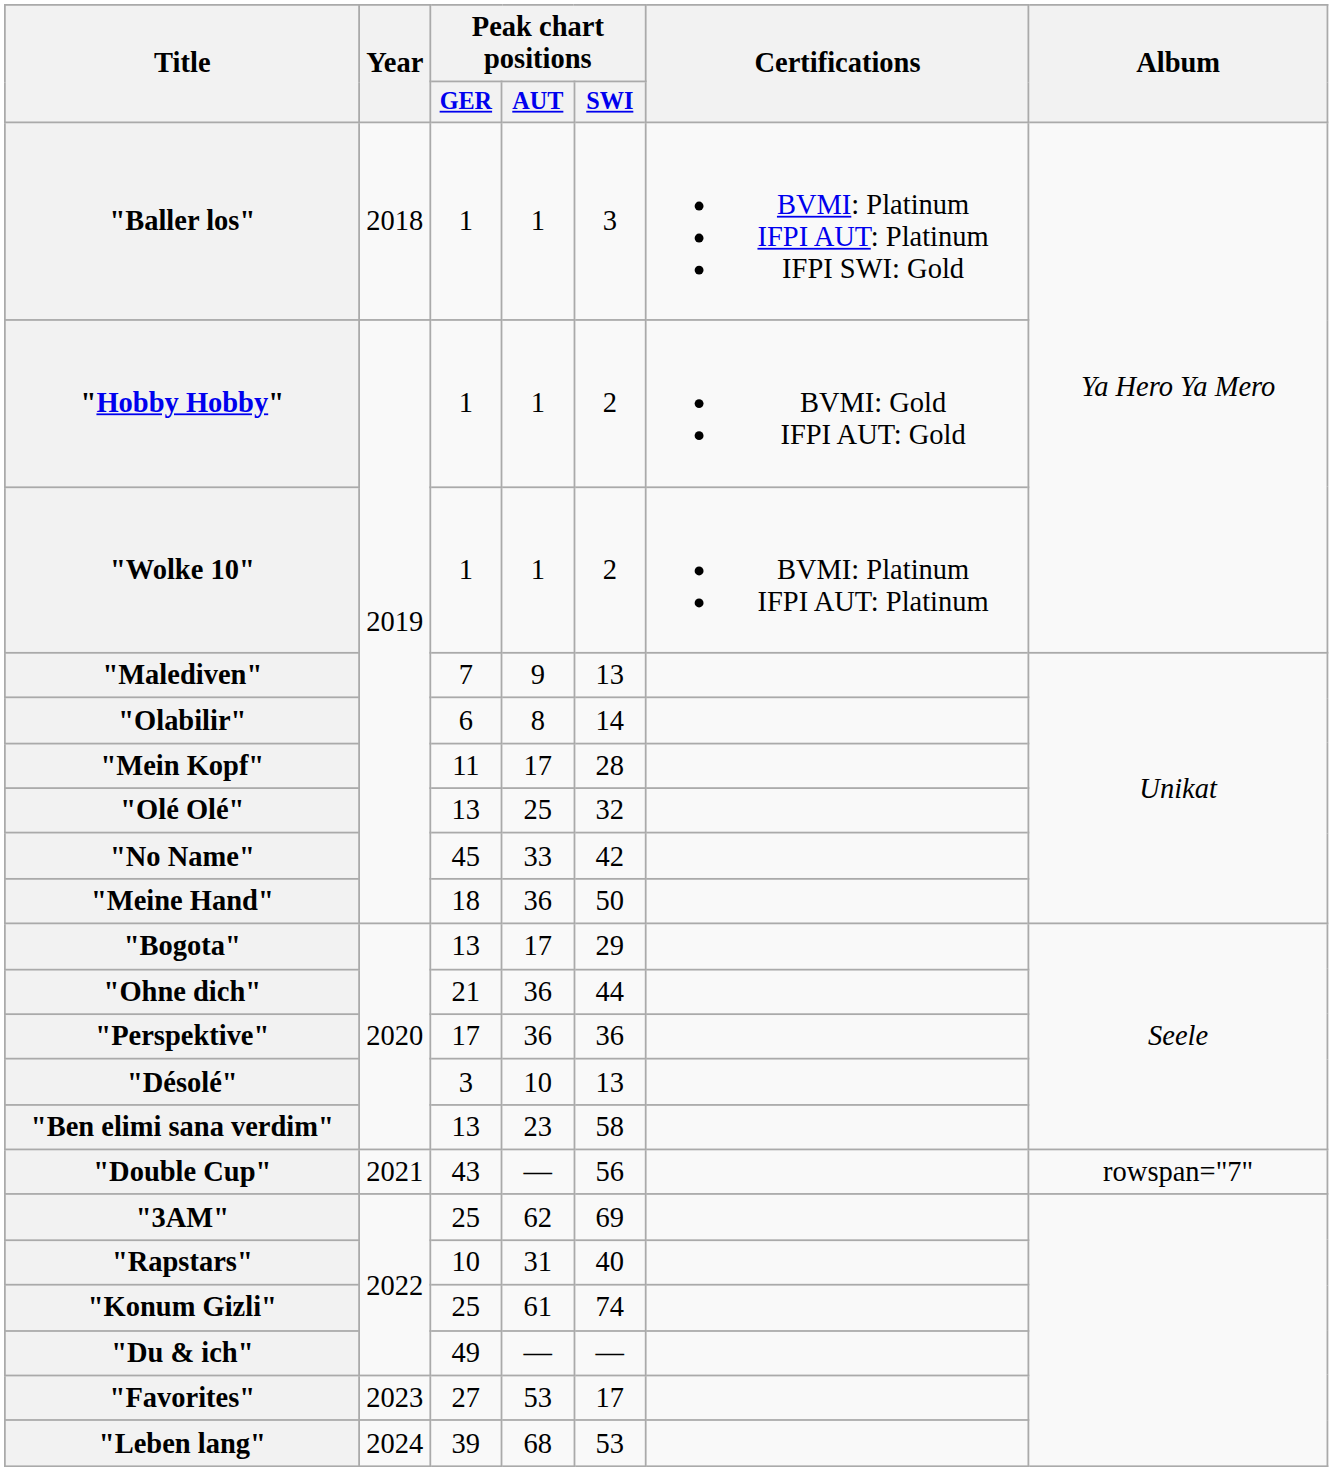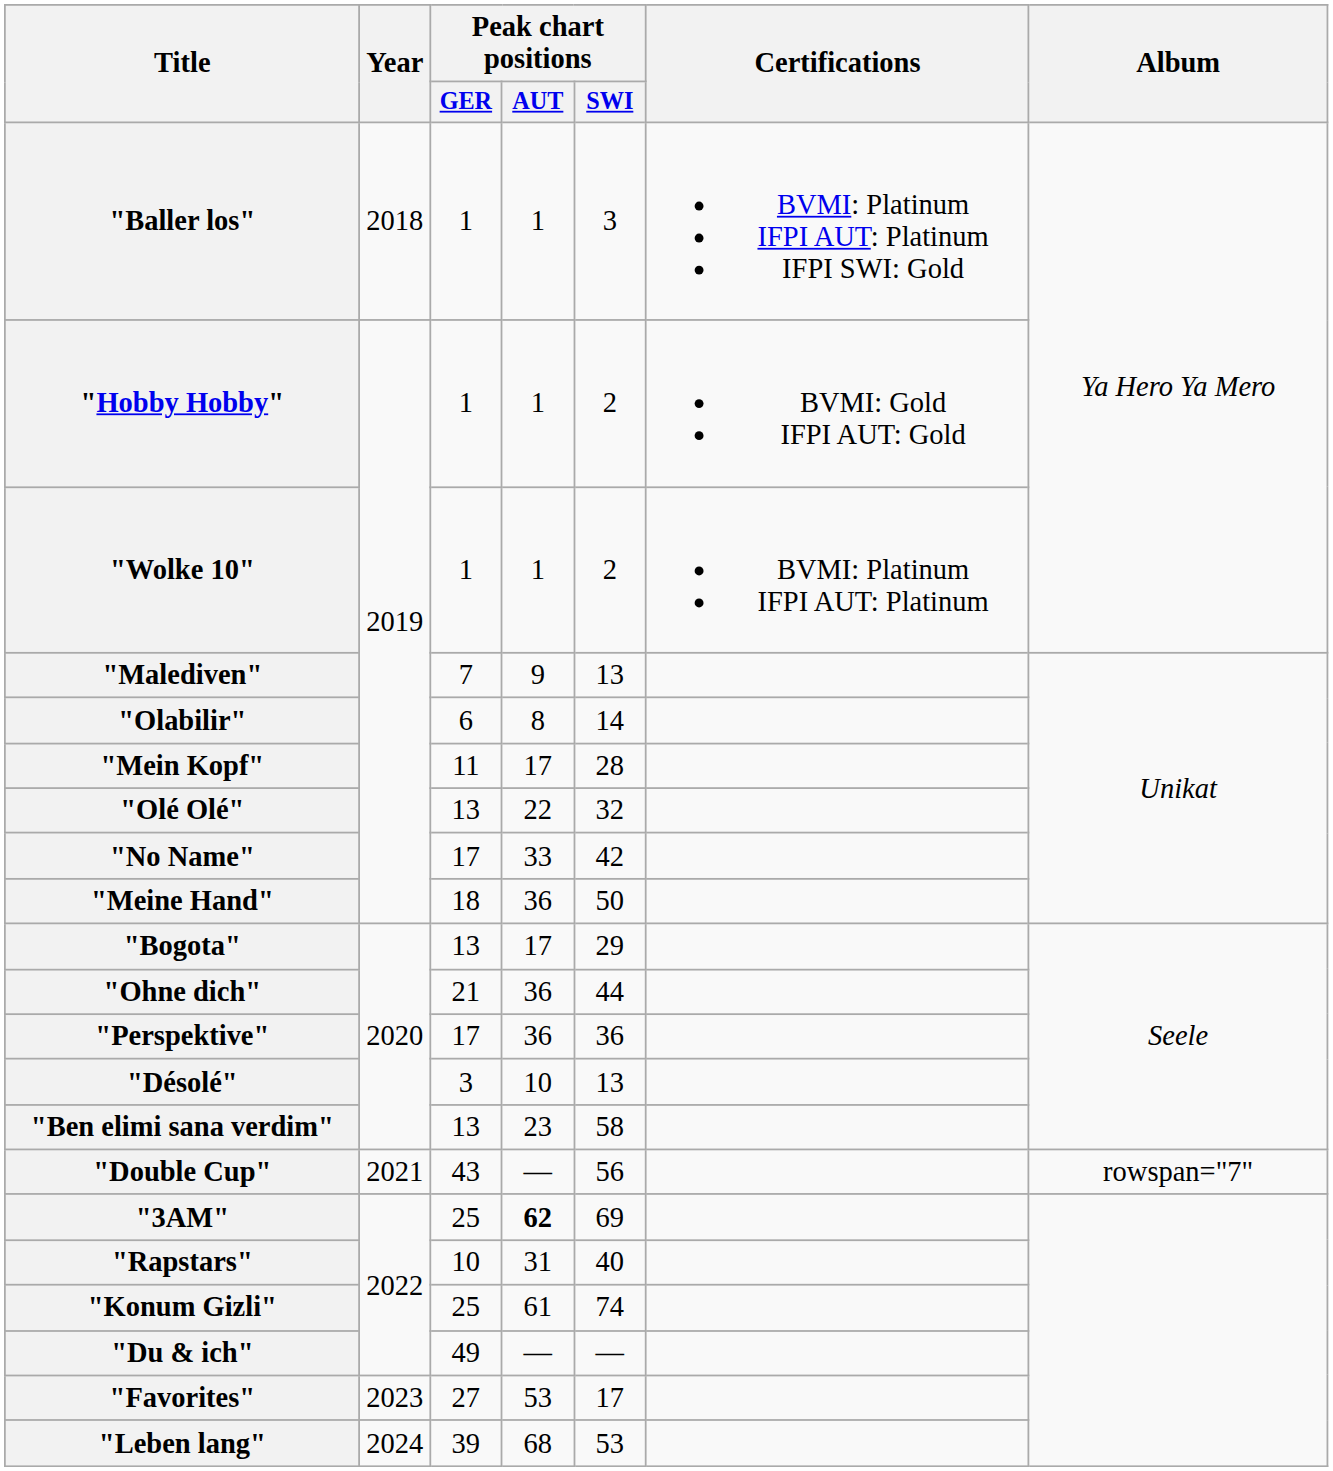 <table class="wikitable plainrowheaders" style="text-align:center;">
 <tr>
 <th scope="col" rowspan="2" style="width:12em;">Title</th>
 <th scope="col" rowspan="2" style="width:1em;">Year</th>
 <th scope="col" colspan="3">Peak chart positions</th>
 <th scope="col" rowspan="2" style="width:13em;">Certifications</th>
 <th scope="col" rowspan="2" style="width:10em;">Album</th>
 </tr>
 <tr>
 <th style="width:2.5em; font-size:85%"><a href='#'>GER</a><br></th>
 <th style="width:2.5em; font-size:85%"><a href='#'>AUT</a><br></th>
 <th style="width:2.5em; font-size:85%"><a href='#'>SWI</a><br></th>
 </tr>
 <tr>
 <th scope="row">"Baller los"</th>
 <td>2018</td>
 <td>1</td>
 <td>1</td>
 <td>3</td>
 <td><br><ul><li><a href='#'>BVMI</a>: Platinum</li><li><a href='#'>IFPI AUT</a>: Platinum</li><li>IFPI SWI: Gold</li></ul></td>
 <td rowspan="3"><em>Ya Hero Ya Mero</em></td>
 </tr>
 <tr>
 <th scope="row">"<a href='#'>Hobby Hobby</a>"</th>
 <td rowspan="8">2019</td>
 <td>1</td>
 <td>1</td>
 <td>2</td>
 <td><br><ul><li>BVMI: Gold</li><li>IFPI AUT: Gold</li></ul></td>
 </tr>
 <tr>
 <th scope="row">"Wolke 10"</th>
 <td>1</td>
 <td>1</td>
 <td>2</td>
 <td><br><ul><li>BVMI: Platinum</li><li>IFPI AUT: Platinum</li></ul></td>
 </tr>
 <tr>
 <th scope="row">"Malediven"</th>
 <td>7</td>
 <td>9</td>
 <td>13</td>
 <td></td>
 <td rowspan="6"><em>Unikat</em></td>
 </tr>
 <tr>
 <th scope="row">"Olabilir"</th>
 <td>6</td>
 <td>8</td>
 <td>14</td>
 </tr>
 <tr>
 <th scope="row">"Mein Kopf"</th>
 <td>11</td>
 <td>17</td>
 <td>28</td>
 <td></td>
 </tr>
 <tr>
 <th scope="row">"Olé Olé"<br></th>
 <td>13</td>
-<td>25</td>
+<td>22</td>
 <td>32</td>
 <td></td>
 </tr>
 <tr>
 <th scope="row">"No Name"</th>
-<td>45</td>
+<td>17</td>
 <td>33</td>
 <td>42</td>
 <td></td>
 </tr>
 <tr>
 <th scope="row">"Meine Hand"</th>
 <td>18</td>
 <td>36</td>
 <td>50</td>
 <td></td>
 </tr>
 <tr>
 <th scope="row">"Bogota"</th>
 <td rowspan="5">2020</td>
 <td>13</td>
 <td>17</td>
 <td>29</td>
 <td></td>
 <td rowspan="5"><em>Seele</em></td>
 </tr>
 <tr>
 <th scope="row">"Ohne dich"</th>
 <td>21</td>
 <td>36</td>
 <td>44</td>
 <td></td>
 </tr>
 <tr>
 <th scope="row">"Perspektive"</th>
 <td>17</td>
 <td>36</td>
 <td>36</td>
 <td></td>
 </tr>
 <tr>
 <th scope="row">"Désolé"<br></th>
 <td>3</td>
 <td>10</td>
 <td>13</td>
 <td></td>
 </tr>
 <tr>
 <th scope="row">"Ben elimi sana verdim"</th>
 <td>13</td>
 <td>23</td>
 <td>58</td>
 <td></td>
 </tr>
 <tr>
 <th scope="row">"Double Cup"</th>
 <td>2021</td>
 <td>43</td>
 <td>—</td>
 <td>56</td>
 <td></td>
 <td>rowspan="7" </td>
 </tr>
 <tr>
 <th scope="row">"3AM"</th>
 <td rowspan="4">2022</td>
 <td>25</td>
-<td>62</td>
+<td><strong>62</strong></td>
 <td>69</td>
 <td></td>
 </tr>
 <tr>
 <th scope="row">"Rapstars"<br></th>
 <td>10</td>
 <td>31</td>
 <td>40</td>
 <td></td>
 </tr>
 <tr>
 <th scope="row">"Konum Gizli"<br></th>
 <td>25</td>
 <td>61</td>
 <td>74</td>
 <td></td>
 </tr>
 <tr>
 <th scope="row">"Du & ich"</th>
 <td>49</td>
 <td>—</td>
 <td>—</td>
 <td></td>
 </tr>
 <tr>
 <th scope="row">"Favorites"<br></th>
 <td>2023</td>
 <td>27</td>
 <td>53</td>
 <td>17</td>
 <td></td>
 </tr>
 <tr>
 <th scope="row">"Leben lang"</th>
 <td>2024</td>
 <td>39</td>
 <td>68</td>
 <td>53</td>
 <td></td>
 </tr>
 </table>
